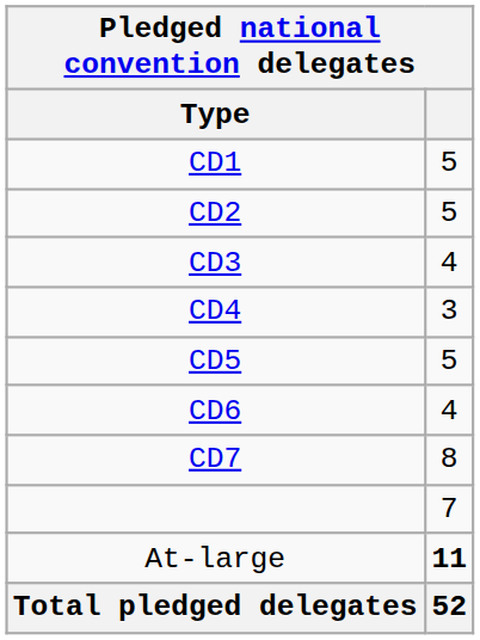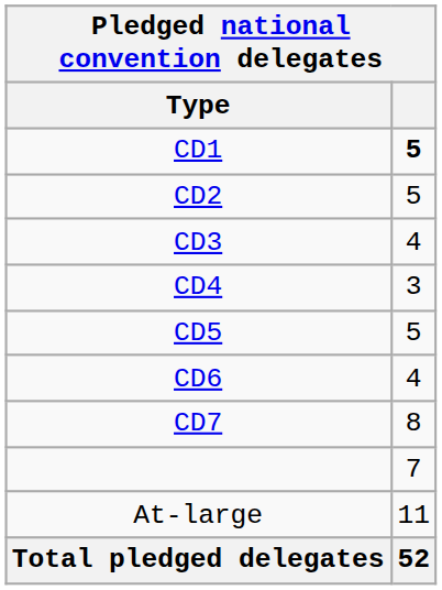 <table class="wikitable sortable" style="font-size:90%;text-align:center;float:right;padding:5px;">
 <tr>
 <th colspan="2">Pledged <a href='#'>national<br>convention</a> delegates</th>
 </tr>
 <tr>
 <th>Type</th>
 <th></th>
 </tr>
 <tr>
 <td><a href='#'>CD1</a></td>
-<td>5</td>
+<td><strong>5</strong></td>
 </tr>
 <tr>
 <td><a href='#'>CD2</a></td>
 <td>5</td>
 </tr>
 <tr>
 <td><a href='#'>CD3</a></td>
 <td>4</td>
 </tr>
 <tr>
 <td><a href='#'>CD4</a></td>
 <td>3</td>
 </tr>
 <tr>
 <td><a href='#'>CD5</a></td>
 <td>5</td>
 </tr>
 <tr>
 <td><a href='#'>CD6</a></td>
 <td>4</td>
 </tr>
 <tr>
 <td><a href='#'>CD7</a></td>
 <td>8</td>
 </tr>
 <tr>
 <td></td>
 <td>7</td>
 </tr>
 <tr>
 <td>At-large</td>
-<td><strong>11</strong></td>
+<td>11</td>
 </tr>
 <tr>
 <th>Total pledged delegates</th>
 <th>52</th>
 </tr>
 </table>
